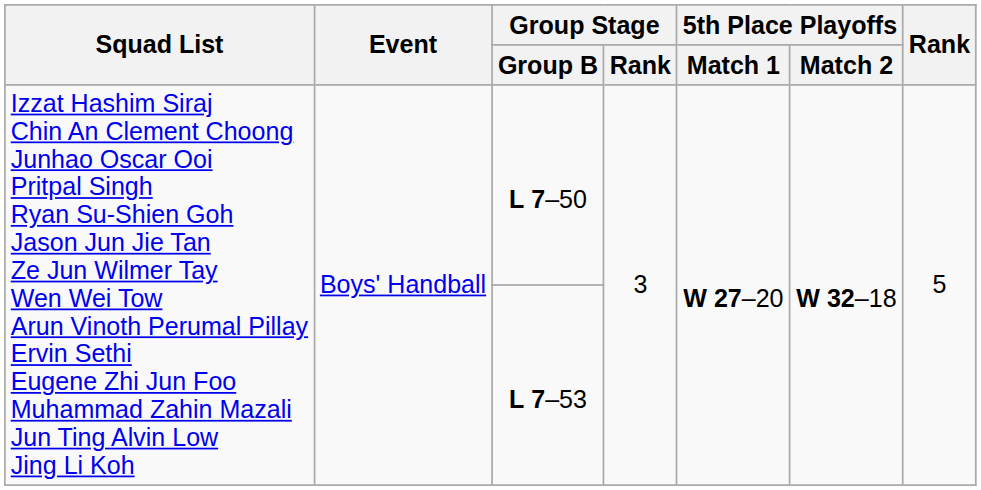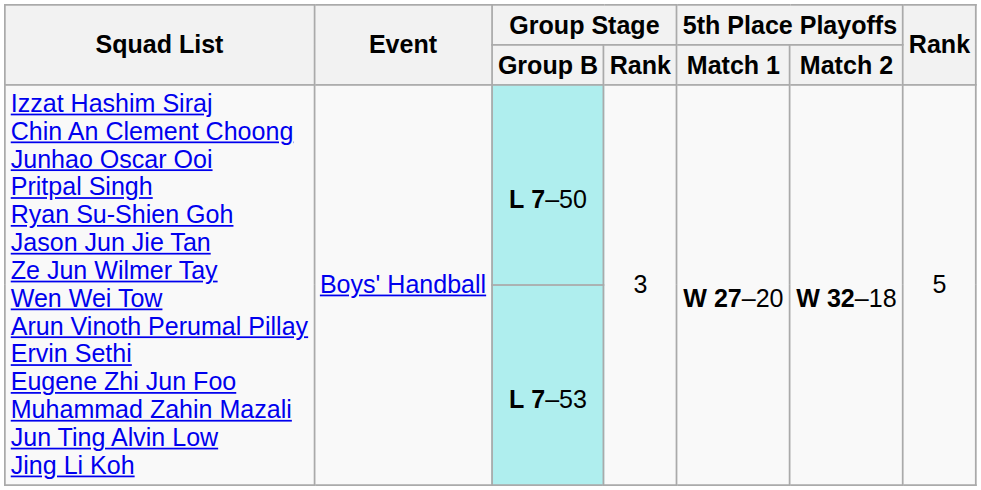 <table class=wikitable style="font-size:90%">
 <tr>
 <th rowspan=2>Squad List</th>
 <th rowspan=2>Event</th>
 <th colspan=2>Group Stage</th>
 <th colspan=2>5th Place Playoffs</th>
 <th rowspan=2>Rank</th>
 </tr>
 <tr>
 <th>Group B</th>
 <th>Rank</th>
 <th>Match 1</th>
 <th>Match 2</th>
 </tr>
 <tr>
 <td rowspan=2><a href='#'>Izzat Hashim Siraj</a><br><a href='#'>Chin An Clement Choong</a><br><a href='#'>Junhao Oscar Ooi</a><br><a href='#'>Pritpal Singh</a><br><a href='#'>Ryan Su-Shien Goh</a><br><a href='#'>Jason Jun Jie Tan</a><br><a href='#'>Ze Jun Wilmer Tay</a><br><a href='#'>Wen Wei Tow</a><br><a href='#'>Arun Vinoth Perumal Pillay</a><br><a href='#'>Ervin Sethi</a><br><a href='#'>Eugene Zhi Jun Foo</a><br><a href='#'>Muhammad Zahin Mazali</a><br><a href='#'>Jun Ting Alvin Low</a><br><a href='#'>Jing Li Koh</a></td>
 <td rowspan=2><a href='#'>Boys' Handball</a></td>
-<td align=center><br> <strong>L</strong> <strong>7</strong>–50</td>
+<td align=center style="background: paleturquoise;"><br> <strong>L</strong> <strong>7</strong>–50</td>
 <td rowspan=2 align=center>3</td>
 <td rowspan=2 align=center><br> <strong>W</strong> <strong>27</strong>–20</td>
 <td rowspan=2 align=center><br> <strong>W</strong> <strong>32</strong>–18</td>
 <td rowspan=2 align=center>5</td>
 </tr>
 <tr>
-<td align=center><br> <strong>L</strong> <strong>7</strong>–53</td>
+<td align=center style="background: paleturquoise;"><br> <strong>L</strong> <strong>7</strong>–53</td>
 </tr>
 </table>
